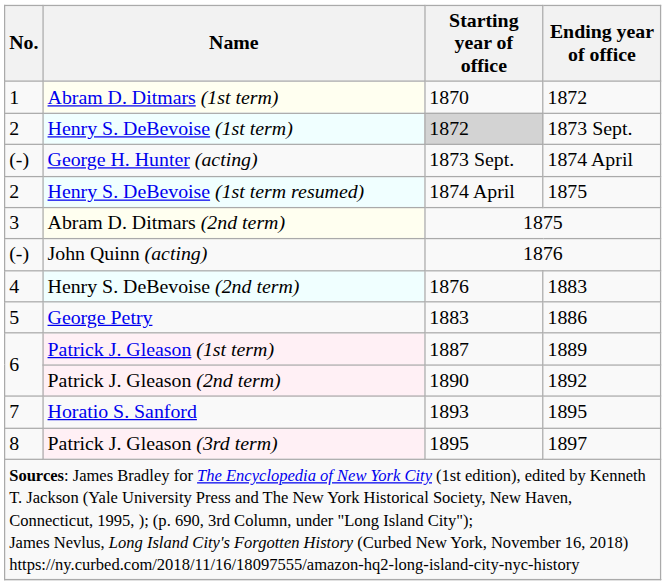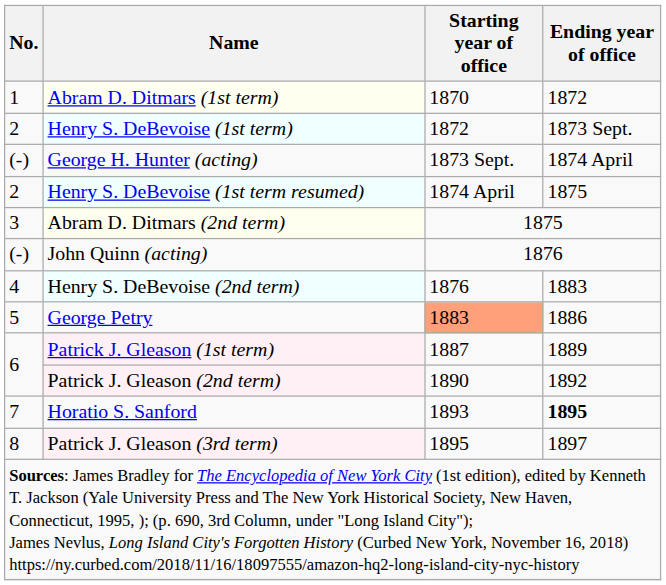 <table class="wikitable" style="float:left; width:60%">
 <tr>
 <th width="5%">No.</th>
 <th style-"width:25%">Name</th>
 <th style="width:18%;">Starting year of office</th>
 <th style="width:18%">Ending year of office</th>
 </tr>
 <tr>
 <td>1</td>
 <td bgcolor="ivory"><a href='#'>Abram D. Ditmars</a> <em>(1st term)</em></td>
 <td>1870</td>
 <td>1872</td>
 </tr>
 <tr>
 <td>2</td>
 <td bgcolor="azure"><a href='#'>Henry S. DeBevoise</a> <em>(1st term)</em></td>
-<td style="background: lightgrey;">1872</td>
+<td>1872</td>
 <td>1873 Sept.</td>
 </tr>
 <tr>
 <td>(-)</td>
 <td><a href='#'>George H. Hunter</a> <em>(acting)</em></td>
 <td>1873 Sept.</td>
 <td>1874 April</td>
 </tr>
 <tr>
 <td>2</td>
 <td bgcolor="azure"><a href='#'>Henry S. DeBevoise</a> <em>(1st term resumed)</em></td>
 <td>1874 April</td>
 <td>1875</td>
 </tr>
 <tr>
 <td>3</td>
 <td bgcolor="ivory">Abram D. Ditmars <em>(2nd term)</em></td>
 <td colspan="2" Style="text-align:center">1875</td>
 </tr>
 <tr>
 <td>(-)</td>
 <td>John Quinn <em>(acting)</em></td>
 <td colspan="2" Style="text-align:center">1876</td>
 </tr>
 <tr>
 <td>4</td>
 <td bgcolor="azure">Henry S. DeBevoise <em>(2nd term)</em></td>
 <td>1876</td>
 <td>1883</td>
 </tr>
 <tr>
 <td>5</td>
 <td><a href='#'>George Petry</a></td>
-<td>1883</td>
+<td style="background: lightsalmon;">1883</td>
 <td>1886</td>
 </tr>
 <tr>
 <td rowspan="2">6</td>
 <td bgcolor="lavenderblush"><a href='#'>Patrick J. Gleason</a> <em>(1st term)</em></td>
 <td>1887</td>
 <td>1889</td>
 </tr>
 <tr>
 <td bgcolor="lavenderblush">Patrick J. Gleason <em>(2nd term)</em></td>
 <td>1890</td>
 <td>1892</td>
 </tr>
 <tr>
 <td>7</td>
 <td><a href='#'>Horatio S. Sanford</a></td>
 <td>1893</td>
-<td>1895</td>
+<td><strong>1895</strong></td>
 </tr>
 <tr>
 <td>8</td>
 <td bgcolor="lavenderblush">Patrick J. Gleason <em>(3rd term)</em></td>
 <td>1895</td>
 <td>1897</td>
 </tr>
 <tr>
 <td colspan="4"><small><strong>Sources</strong>: James Bradley for <em><a href='#'>The Encyclopedia of New York City</a></em> (1st edition), edited by Kenneth T. Jackson (Yale University Press and The New York Historical Society, New Haven, Connecticut, 1995, ); (p. 690, 3rd Column, under "Long Island City");<br> James Nevlus, <em>Long Island City's Forgotten History</em> (Curbed New York, November 16, 2018) https://ny.curbed.com/2018/11/16/18097555/amazon-hq2-long-island-city-nyc-history</small></td>
 </tr>
 <tr>
 </tr>
 </table>
